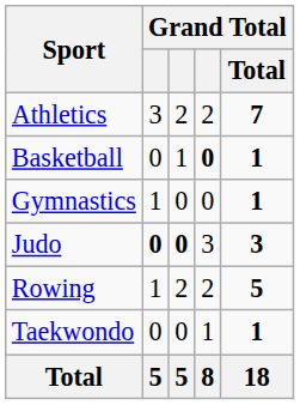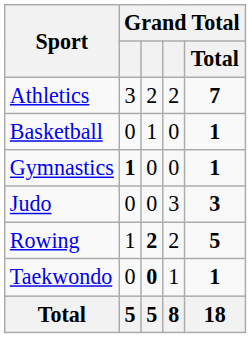 <table class="wikitable" style="font-size: 95%">
 <tr>
 <th rowspan=2>Sport</th>
 <th colspan=4>Grand Total</th>
 </tr>
 <tr>
 <th></th>
 <th></th>
 <th></th>
 <th>Total</th>
 </tr>
 <tr align=center>
 <td align=left><a href='#'>Athletics</a></td>
 <td>3</td>
 <td>2</td>
 <td>2</td>
 <td><strong>7</strong></td>
 </tr>
 <tr align=center>
 <td align=left><a href='#'>Basketball</a></td>
 <td>0</td>
 <td>1</td>
-<td><strong>0</strong></td>
+<td>0</td>
 <td><strong>1</strong></td>
 </tr>
 <tr align=center>
 <td align=left><a href='#'>Gymnastics</a></td>
-<td>1</td>
+<td><strong>1</strong></td>
 <td>0</td>
 <td>0</td>
 <td><strong>1</strong></td>
 </tr>
 <tr align=center>
 <td align=left><a href='#'>Judo</a></td>
-<td><strong>0</strong></td>
-<td><strong>0</strong></td>
+<td>0</td>
+<td>0</td>
 <td>3</td>
 <td><strong>3</strong></td>
 </tr>
 <tr align=center>
 <td align=left><a href='#'>Rowing</a></td>
 <td>1</td>
-<td>2</td>
+<td><strong>2</strong></td>
 <td>2</td>
 <td><strong>5</strong></td>
 </tr>
 <tr align=center>
 <td align=left><a href='#'>Taekwondo</a></td>
 <td>0</td>
-<td>0</td>
+<td><strong>0</strong></td>
 <td>1</td>
 <td><strong>1</strong></td>
 </tr>
 <tr align=center>
 <th>Total</th>
 <th>5</th>
 <th>5</th>
 <th>8</th>
 <th>18</th>
 </tr>
 </table>
